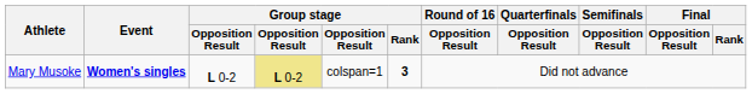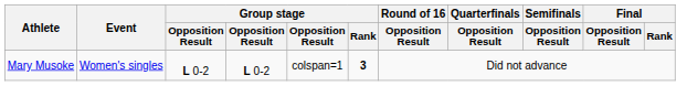 <table class="wikitable" border="1" style="font-size:90%">
 <tr>
 <th rowspan="2">Athlete</th>
 <th rowspan="2">Event</th>
 <th colspan="4">Group stage</th>
 <th>Round of 16</th>
 <th>Quarterfinals</th>
 <th>Semifinals</th>
 <th colspan=2>Final</th>
 </tr>
 <tr style="font-size:95%">
 <th>Opposition<br>Result</th>
 <th>Opposition<br>Result</th>
 <th>Opposition<br>Result</th>
 <th>Rank</th>
 <th>Opposition<br>Result</th>
 <th>Opposition<br>Result</th>
 <th>Opposition<br>Result</th>
 <th>Opposition<br>Result</th>
 <th>Rank</th>
 </tr>
 <tr align=center>
 <td><a href='#'>Mary Musoke</a></td>
-<td><strong><a href='#'>Women's singles</a></strong></td>
+<td><a href='#'>Women's singles</a></td>
 <td align=center><br><strong>L</strong> 0-2</td>
-<td align=center style="background: khaki;"><br><strong>L</strong> 0-2</td>
+<td align=center><br><strong>L</strong> 0-2</td>
 <td>colspan=1 </td>
 <td><strong>3</strong></td>
 <td colspan=5 align=center>Did not advance</td>
 </tr>
 </table>
